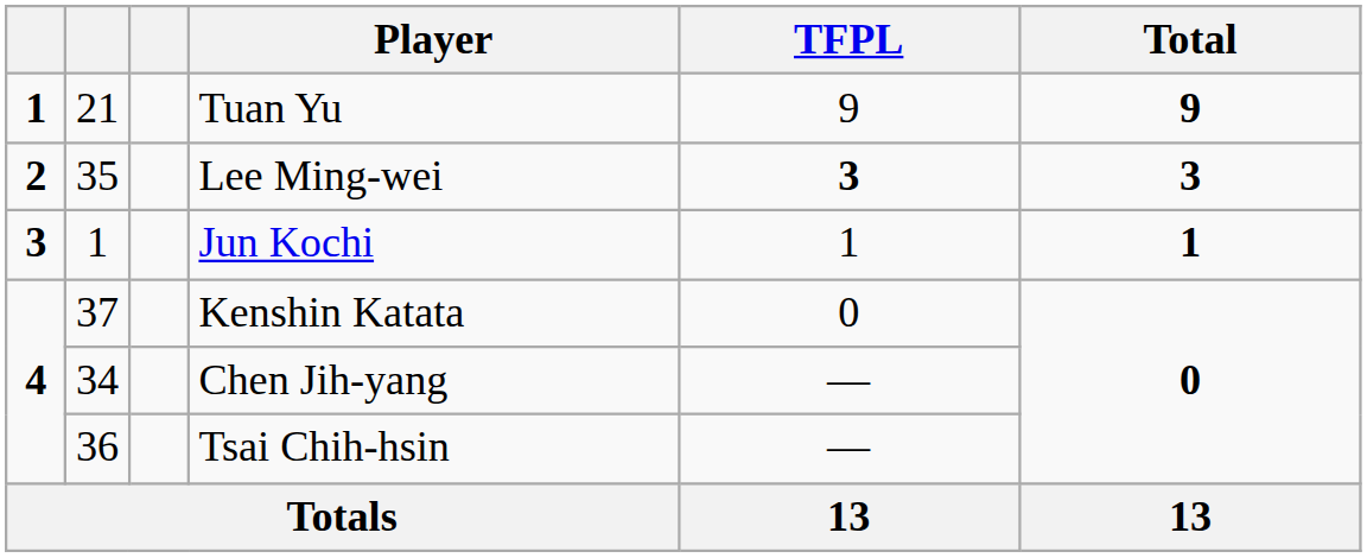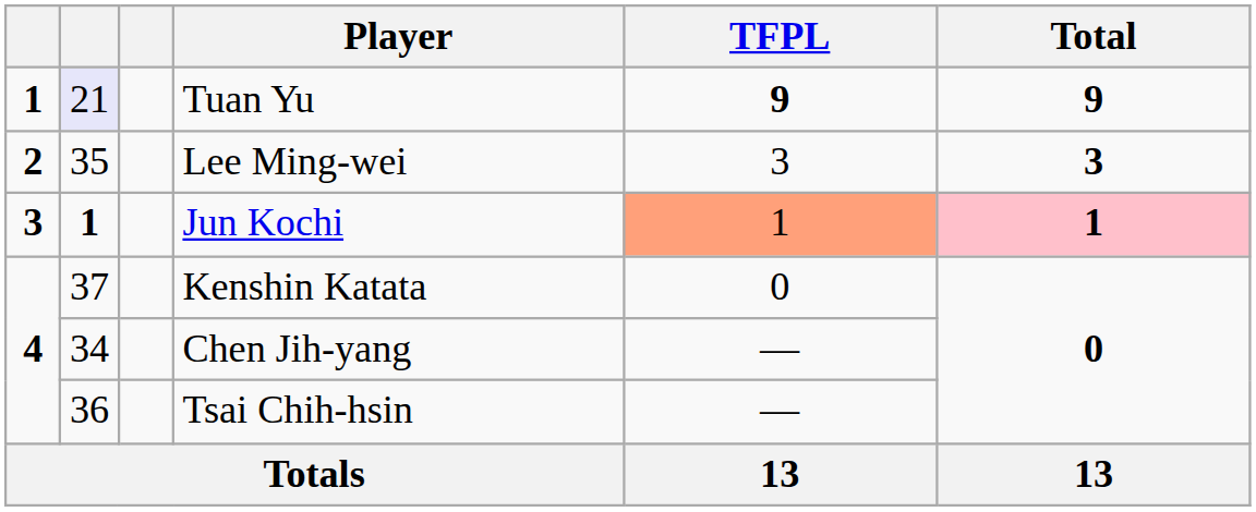 <table class="wikitable" style="text-align:center">
 <tr>
 <th width=15></th>
 <th width=15></th>
 <th width=15></th>
 <th width=175>Player</th>
 <th width=120><a href='#'>TFPL</a></th>
 <th width=120>Total</th>
 </tr>
 <tr>
 <td><strong>1</strong></td>
-<td>21</td>
+<td style="background: lavender;">21</td>
 <td></td>
 <td align=left>Tuan Yu</td>
-<td>9</td>
+<td><strong>9</strong></td>
 <td><strong>9</strong></td>
 </tr>
 <tr>
 <td><strong>2</strong></td>
 <td>35</td>
 <td></td>
 <td align=left>Lee Ming-wei</td>
-<td><strong>3</strong></td>
+<td>3</td>
 <td><strong>3</strong></td>
 </tr>
 <tr>
 <td><strong>3</strong></td>
-<td>1</td>
+<td><strong>1</strong></td>
 <td></td>
 <td align=left><a href='#'>Jun Kochi</a></td>
-<td>1</td>
-<td><strong>1</strong></td>
+<td style="background: lightsalmon;">1</td>
+<td style="background: pink;"><strong>1</strong></td>
 </tr>
 <tr>
 <td rowspan=3><strong>4</strong></td>
 <td>37</td>
 <td></td>
 <td align=left>Kenshin Katata</td>
 <td>0</td>
 <td rowspan=3><strong>0</strong></td>
 </tr>
 <tr>
 <td>34</td>
 <td></td>
 <td align=left>Chen Jih-yang</td>
 <td>—</td>
 </tr>
 <tr>
 <td>36</td>
 <td></td>
 <td align=left>Tsai Chih-hsin</td>
 <td>—</td>
 </tr>
 <tr>
 <th colspan=4><strong>Totals</strong></th>
 <th><strong>13</strong></th>
 <th><strong>13</strong></th>
 </tr>
 </table>
